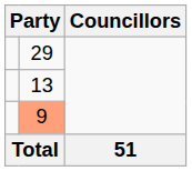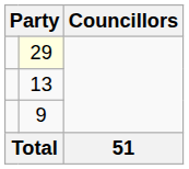 <table class="wikitable">
 <tr>
 <th colspan=2>Party</th>
 <th>Councillors</th>
 </tr>
 <tr>
 <td></td>
-<td align=center>29</td>
+<td align=center style="background: lightyellow;">29</td>
 </tr>
 <tr>
 <td></td>
 <td align=center>13</td>
 </tr>
 <tr>
 <td></td>
-<td align=center style="background: lightsalmon;">9</td>
+<td align=center>9</td>
 </tr>
 <tr>
 <th colspan=2>Total</th>
 <th align=center>51</th>
 </tr>
 </table>
